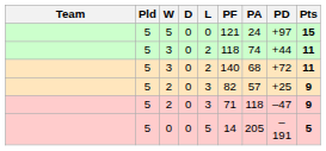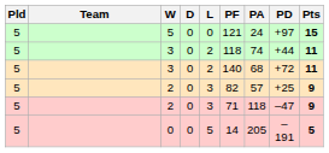 <table class="wikitable" style="text-align:center;">
 <tr>
+<th width=20 abbr="Played">Pld</th>
 <th width=175>Team</th>
-<th width=20 abbr="Played">Pld</th>
 <th width=20 abbr="Won">W</th>
 <th width=20 abbr="Drawn">D</th>
 <th width=20 abbr="Lost">L</th>
 <th width=20 abbr="Points for">PF</th>
 <th width=20 abbr="Points against">PA</th>
 <th width=35 abbr="Points difference">PD</th>
 <th width=20 abbr="Points">Pts</th>
 </tr>
 <tr style="background:#ccffcc">
+<td>5</td>
 <td align=left></td>
-<td>5</td>
 <td>5</td>
 <td>0</td>
 <td>0</td>
 <td>121</td>
 <td>24</td>
 <td>+97</td>
 <td><strong>15</strong></td>
 </tr>
 <tr style="background:#ccffcc">
+<td>5</td>
 <td align=left></td>
-<td>5</td>
 <td>3</td>
 <td>0</td>
 <td>2</td>
 <td>118</td>
 <td>74</td>
 <td>+44</td>
 <td><strong>11</strong></td>
 </tr>
 <tr style="background:#ffe6bd">
+<td>5</td>
 <td align=left></td>
-<td>5</td>
 <td>3</td>
 <td>0</td>
 <td>2</td>
 <td>140</td>
 <td>68</td>
 <td>+72</td>
 <td><strong>11</strong></td>
 </tr>
 <tr style="background:#ffe6bd">
+<td>5</td>
 <td align=left></td>
-<td>5</td>
 <td>2</td>
 <td>0</td>
 <td>3</td>
 <td>82</td>
 <td>57</td>
 <td>+25</td>
 <td><strong>9</strong></td>
 </tr>
 <tr style="background:#fcc">
+<td>5</td>
 <td align=left></td>
-<td>5</td>
 <td>2</td>
 <td>0</td>
 <td>3</td>
 <td>71</td>
 <td>118</td>
 <td>–47</td>
 <td><strong>9</strong></td>
 </tr>
 <tr style="background:#fcc">
+<td>5</td>
 <td align=left></td>
-<td>5</td>
 <td>0</td>
 <td>0</td>
 <td>5</td>
 <td>14</td>
 <td>205</td>
 <td>–191</td>
 <td><strong>5</strong></td>
 </tr>
 </table>
